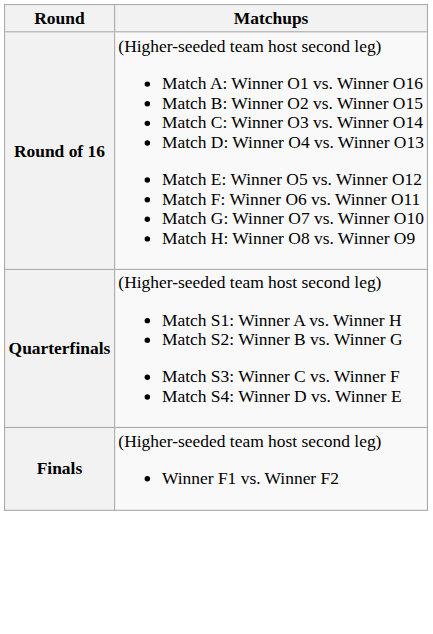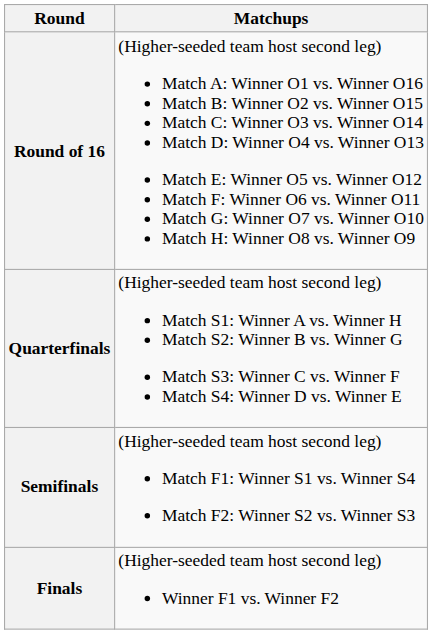 <table class=wikitable>
 <tr>
 <th>Round</th>
 <th>Matchups</th>
 </tr>
 <tr>
 <th>Round of 16</th>
 <td>(Higher-seeded team host second leg)<br> <ul><li>Match A: Winner O1 vs. Winner O16</li><li>Match B: Winner O2 vs. Winner O15</li><li>Match C: Winner O3 vs. Winner O14</li><li>Match D: Winner O4 vs. Winner O13</li></ul><ul><li>Match E: Winner O5 vs. Winner O12</li><li>Match F: Winner O6 vs. Winner O11</li><li>Match G: Winner O7 vs. Winner O10</li><li>Match H: Winner O8 vs. Winner O9</li></ul></td>
 </tr>
 <tr>
 <th>Quarterfinals</th>
 <td>(Higher-seeded team host second leg)<br> <ul><li>Match S1: Winner A vs. Winner H</li><li>Match S2: Winner B vs. Winner G</li></ul><ul><li>Match S3: Winner C vs. Winner F</li><li>Match S4: Winner D vs. Winner E</li></ul></td>
 </tr>
 <tr>
+<th>Semifinals</th>
+<td>(Higher-seeded team host second leg)<br> <ul><li>Match F1: Winner S1 vs. Winner S4</li></ul><ul><li>Match F2: Winner S2 vs. Winner S3</li></ul></td>
+</tr>
+<tr>
 <th>Finals</th>
 <td>(Higher-seeded team host second leg)<br><ul><li>Winner F1 vs. Winner F2</li></ul></td>
 </tr>
 </table>
